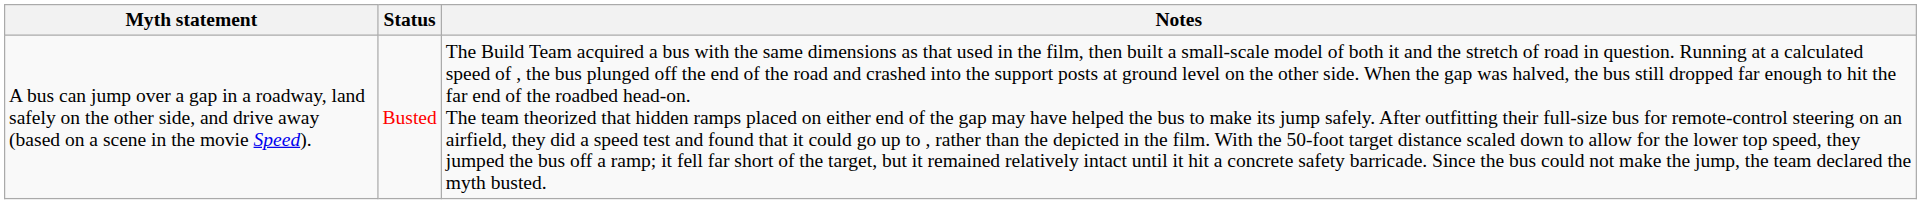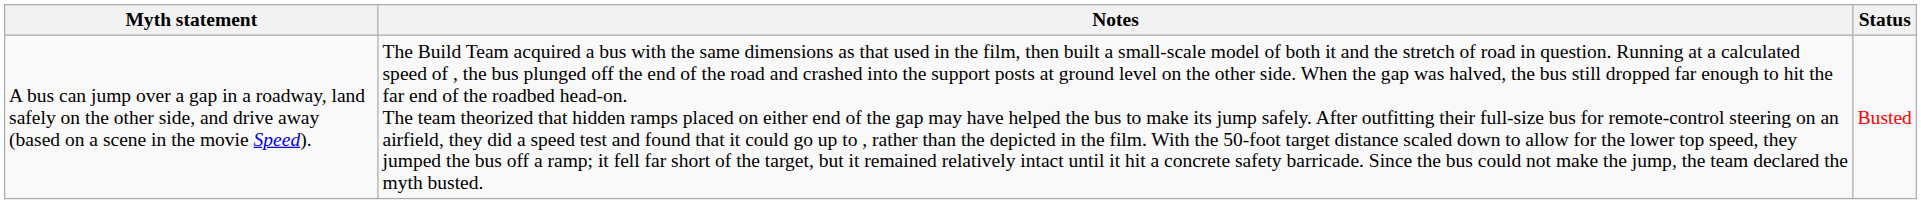 <table class="wikitable plainrowheaders">
 <tr>
 <th>Myth statement</th>
+<th>Notes</th>
 <th>Status</th>
-<th>Notes</th>
 </tr>
 <tr>
 <td>A bus can jump over a  gap in a roadway, land safely on the other side, and drive away (based on a scene in the movie <em><a href='#'>Speed</a></em>).</td>
+<td>The Build Team acquired a bus with the same dimensions as that used in the film, then built a small-scale model of both it and the stretch of road in question. Running at a calculated speed of , the bus plunged off the end of the road and crashed into the support posts at ground level on the other side. When the gap was halved, the bus still dropped far enough to hit the far end of the roadbed head-on.<br>The team theorized that hidden ramps placed on either end of the gap may have helped the bus to make its jump safely. After outfitting their full-size bus for remote-control steering on an airfield, they did a speed test and found that it could go up to , rather than the  depicted in the film. With the 50-foot target distance scaled down to allow for the lower top speed, they jumped the bus off a ramp; it fell far short of the target, but it remained relatively intact until it hit a concrete safety barricade. Since the bus could not make the jump, the team declared the myth busted.</td>
 <td style="color:red">Busted</td>
-<td>The Build Team acquired a bus with the same dimensions as that used in the film, then built a small-scale model of both it and the stretch of road in question. Running at a calculated speed of , the bus plunged off the end of the road and crashed into the support posts at ground level on the other side. When the gap was halved, the bus still dropped far enough to hit the far end of the roadbed head-on.<br>The team theorized that hidden ramps placed on either end of the gap may have helped the bus to make its jump safely. After outfitting their full-size bus for remote-control steering on an airfield, they did a speed test and found that it could go up to , rather than the  depicted in the film. With the 50-foot target distance scaled down to allow for the lower top speed, they jumped the bus off a ramp; it fell far short of the target, but it remained relatively intact until it hit a concrete safety barricade. Since the bus could not make the jump, the team declared the myth busted.</td>
 </tr>
 </table>
